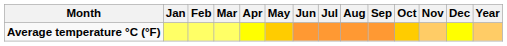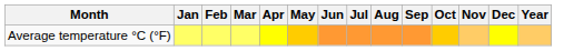 <table class="wikitable">
 <tr>
 <th>Month</th>
 <th>Jan</th>
 <th>Feb</th>
 <th>Mar</th>
 <th>Apr</th>
 <th>May</th>
 <th>Jun</th>
 <th>Jul</th>
 <th>Aug</th>
 <th>Sep</th>
 <th>Oct</th>
 <th>Nov</th>
 <th>Dec</th>
 <th>Year</th>
 </tr>
 <tr>
-<td><strong>Average temperature °C (°F)</strong></td>
+<td>Average temperature °C (°F)</td>
 <td style="background: #FFFF66; color: black;"></td>
 <td style="background: #FFFF66; color: black;"></td>
 <td style="background: #FFFF66; color: black;"></td>
 <td style="background: #FFFF00; color: black;"></td>
 <td style="background: #FFCC00; color: black;"></td>
 <td style="background: #FF9933; color: black;"></td>
 <td style="background: #FF9933; color: black;"></td>
 <td style="background: #FF9933; color: black;"></td>
 <td style="background: #FF9933; color: black;"></td>
 <td style="background: #FFCC00; color: black;"></td>
 <td style="background: #FFCC66; color: black;"></td>
 <td style="background: #FFFF00; color: black;"></td>
 <td style="background: #FFCC66; color: black;"></td>
 </tr>
 </table>
